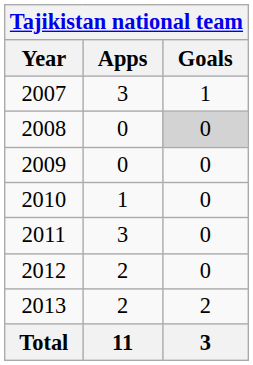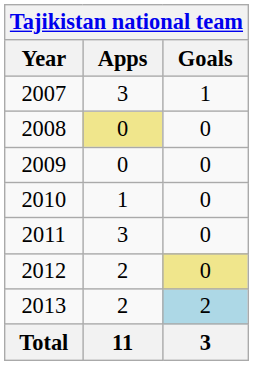 <table class="wikitable" style="text-align:center">
 <tr>
 <th colspan=3><a href='#'>Tajikistan national team</a></th>
 </tr>
 <tr>
 <th>Year</th>
 <th>Apps</th>
 <th>Goals</th>
 </tr>
 <tr>
 <td>2007</td>
 <td>3</td>
 <td>1</td>
 </tr>
 <tr>
 <td>2008</td>
+<td style="background: khaki;">0</td>
 <td>0</td>
-<td style="background: lightgrey;">0</td>
 </tr>
 <tr>
 <td>2009</td>
 <td>0</td>
 <td>0</td>
 </tr>
 <tr>
 <td>2010</td>
 <td>1</td>
 <td>0</td>
 </tr>
 <tr>
 <td>2011</td>
 <td>3</td>
 <td>0</td>
 </tr>
 <tr>
 <td>2012</td>
 <td>2</td>
-<td>0</td>
+<td style="background: khaki;">0</td>
 </tr>
 <tr>
 <td>2013</td>
 <td>2</td>
-<td>2</td>
+<td style="background: lightblue;">2</td>
 </tr>
 <tr>
 <th>Total</th>
 <th>11</th>
 <th>3</th>
 </tr>
 </table>
